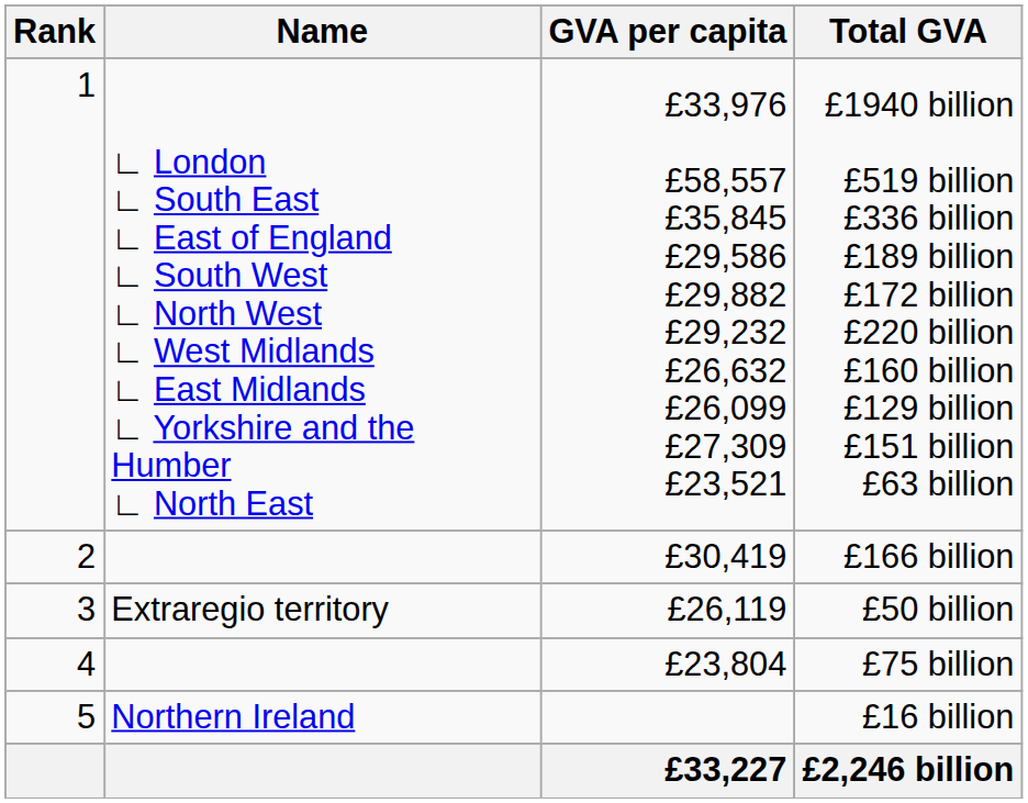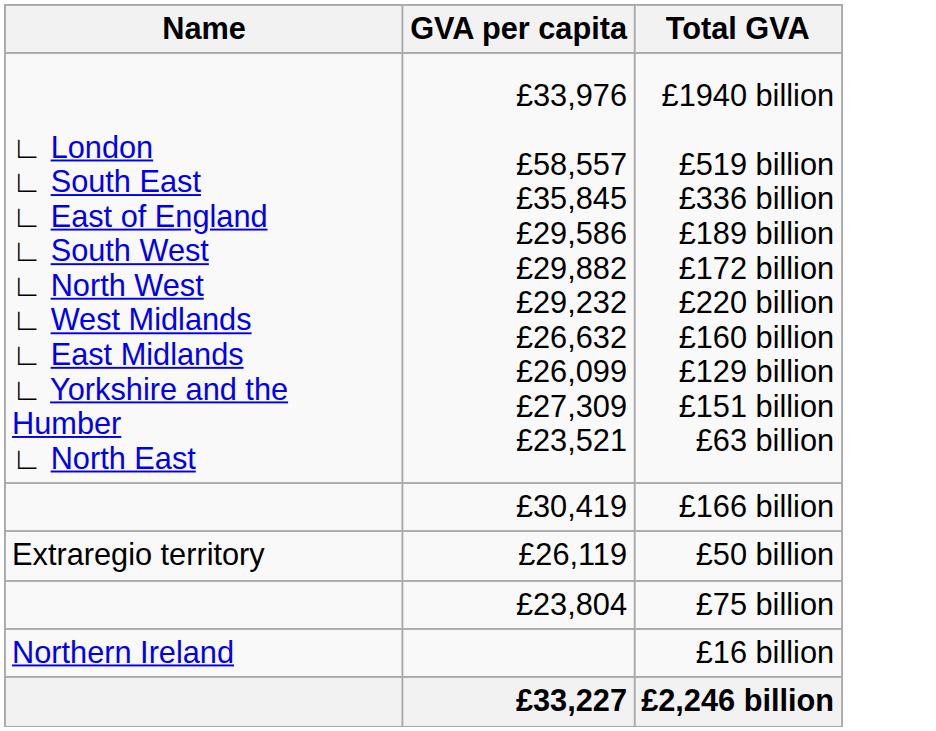 <table class="wikitable" style="text-align:right">
 <tr>
-<th>Rank</th>
 <th scope="col" width="200px">Name</th>
 <th>GVA per capita</th>
 <th>Total GVA</th>
 </tr>
 <tr>
-<td style=vertical-align:top;>1</td>
 <td style=text-align:left;><br><br>∟ <a href='#'>London</a><br> ∟ <a href='#'>South East</a><br> ∟ <a href='#'>East of England</a><br> ∟ <a href='#'>South West</a><br> ∟ <a href='#'>North West</a><br> ∟ <a href='#'>West Midlands</a><br> ∟ <a href='#'>East Midlands</a><br> ∟ <a href='#'>Yorkshire and the Humber</a><br> ∟ <a href='#'>North East</a></td>
 <td>£33,976<br><br>£58,557<br> £35,845<br> £29,586<br> £29,882<br> £29,232<br> £26,632<br> £26,099<br> £27,309<br> £23,521</td>
 <td>£1940 billion<br><br>£519 billion<br> £336 billion<br> £189 billion<br> £172 billion<br> £220 billion<br> £160 billion<br> £129 billion<br> £151 billion<br> £63 billion</td>
 </tr>
 <tr>
-<td>2</td>
 <td style=text-align:left;></td>
 <td>£30,419</td>
 <td>£166 billion</td>
 </tr>
 <tr>
-<td>3</td>
 <td style=text-align:left;>Extraregio territory</td>
 <td>£26,119</td>
 <td>£50 billion</td>
 </tr>
 <tr>
-<td>4</td>
 <td style=text-align:left;></td>
 <td>£23,804</td>
 <td>£75 billion</td>
 </tr>
 <tr>
-<td>5</td>
 <td style=text-align:left;><a href='#'>Northern Ireland</a></td>
 <td></td>
 <td>£16 billion</td>
 </tr>
 <tr>
-<th></th>
 <th style=text-align:left;></th>
 <th style=text-align:right;>£33,227</th>
 <th style=text-align:right;>£2,246 billion</th>
 </tr>
 </table>
